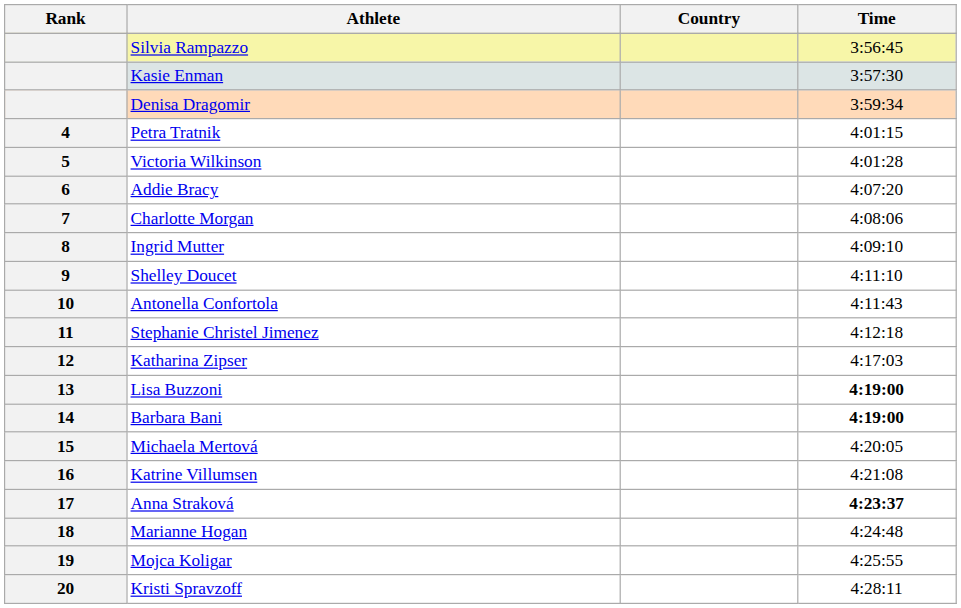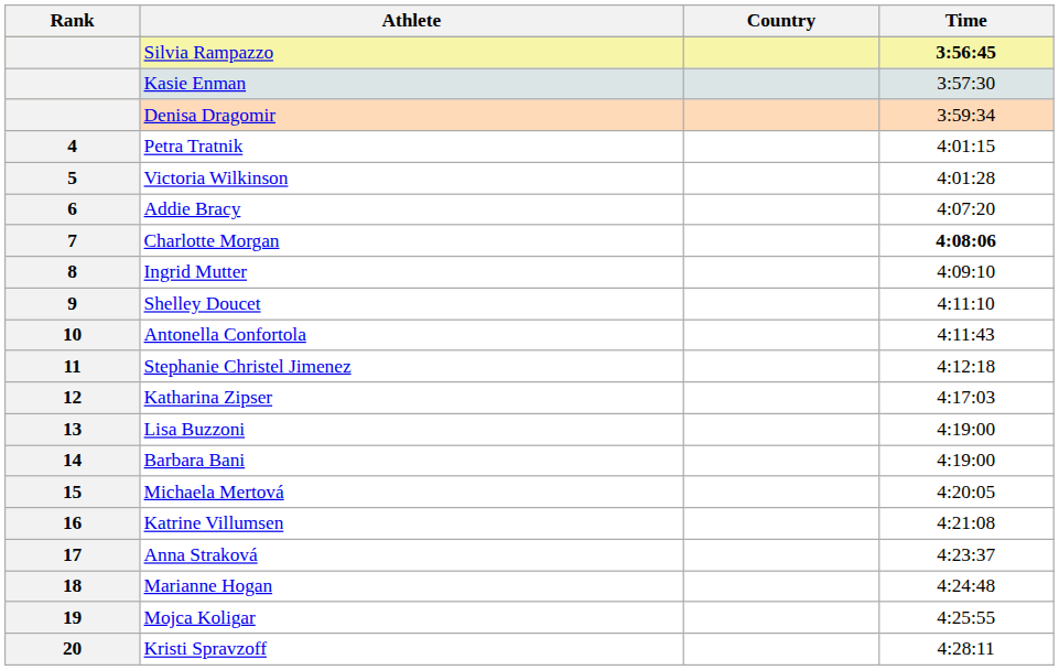 <table class="wikitable" width=40% style="font-size:90%; text-align:center;">
 <tr>
 <th>Rank</th>
 <th>Athlete</th>
 <th>Country</th>
 <th>Time</th>
 </tr>
 <tr>
 </tr>
 <tr align="center" valign="top" bgcolor="#F7F6A8">
 <th></th>
 <td align=left><a href='#'>Silvia Rampazzo</a></td>
 <td align=left></td>
-<td>3:56:45</td>
+<td><strong>3:56:45</strong></td>
 </tr>
 <tr align="center" valign="top" bgcolor="#DCE5E5">
 <th></th>
 <td align=left><a href='#'>Kasie Enman</a></td>
 <td align="left"></td>
 <td>3:57:30</td>
 </tr>
 <tr align="center" valign="top" bgcolor="#FFDAB9">
 <th></th>
 <td align=left><a href='#'>Denisa Dragomir</a></td>
 <td align=left></td>
 <td>3:59:34</td>
 </tr>
 <tr align="center" valign="top" bgcolor="#FFFFFF">
 <th>4</th>
 <td align=left><a href='#'>Petra Tratnik</a></td>
 <td align=left></td>
 <td>4:01:15</td>
 </tr>
 <tr align="center" valign="top" bgcolor="#FFFFFF">
 <th>5</th>
 <td align=left><a href='#'>Victoria Wilkinson</a></td>
 <td align=left></td>
 <td>4:01:28</td>
 </tr>
 <tr align="center" valign="top" bgcolor="#FFFFFF">
 <th>6</th>
 <td align=left><a href='#'>Addie Bracy</a></td>
 <td align=left></td>
 <td>4:07:20</td>
 </tr>
 <tr align="center" valign="top" bgcolor="#FFFFFF">
 <th>7</th>
 <td align=left><a href='#'>Charlotte Morgan</a></td>
 <td align=left></td>
-<td>4:08:06</td>
+<td><strong>4:08:06</strong></td>
 </tr>
 <tr align="center" valign="top" bgcolor="#FFFFFF">
 <th>8</th>
 <td align=left><a href='#'>Ingrid Mutter</a></td>
 <td align=left></td>
 <td>4:09:10</td>
 </tr>
 <tr align="center" valign="top" bgcolor="#FFFFFF">
 <th>9</th>
 <td align=left><a href='#'>Shelley Doucet</a></td>
 <td align=left></td>
 <td>4:11:10</td>
 </tr>
 <tr align="center" valign="top" bgcolor="#FFFFFF">
 <th>10</th>
 <td align=left><a href='#'>Antonella Confortola</a></td>
 <td align=left></td>
 <td>4:11:43</td>
 </tr>
 <tr align="center" valign="top" bgcolor="#FFFFFF">
 <th>11</th>
 <td align=left><a href='#'>Stephanie Christel Jimenez</a></td>
 <td align=left></td>
 <td>4:12:18</td>
 </tr>
 <tr align="center" valign="top" bgcolor="#FFFFFF">
 <th>12</th>
 <td align=left><a href='#'>Katharina Zipser</a></td>
 <td align=left></td>
 <td>4:17:03</td>
 </tr>
 <tr align="center" valign="top" bgcolor="#FFFFFF">
 <th>13</th>
 <td align=left><a href='#'>Lisa Buzzoni</a></td>
 <td align=left></td>
-<td><strong>4:19:00</strong></td>
+<td>4:19:00</td>
 </tr>
 <tr align="center" valign="top" bgcolor="#FFFFFF">
 <th>14</th>
 <td align=left><a href='#'>Barbara Bani</a></td>
 <td align=left></td>
-<td><strong>4:19:00</strong></td>
+<td>4:19:00</td>
 </tr>
 <tr align="center" valign="top" bgcolor="#FFFFFF">
 <th>15</th>
 <td align=left><a href='#'>Michaela Mertová</a></td>
 <td align=left></td>
 <td>4:20:05</td>
 </tr>
 <tr align="center" valign="top" bgcolor="#FFFFFF">
 <th>16</th>
 <td align=left><a href='#'>Katrine Villumsen</a></td>
 <td align=left></td>
 <td>4:21:08</td>
 </tr>
 <tr align="center" valign="top" bgcolor="#FFFFFF">
 <th>17</th>
 <td align=left><a href='#'>Anna Straková</a></td>
 <td align=left></td>
-<td><strong>4:23:37</strong></td>
+<td>4:23:37</td>
 </tr>
 <tr align="center" valign="top" bgcolor="#FFFFFF">
 <th>18</th>
 <td align=left><a href='#'>Marianne Hogan</a></td>
 <td align=left></td>
 <td>4:24:48</td>
 </tr>
 <tr align="center" valign="top" bgcolor="#FFFFFF">
 <th>19</th>
 <td align=left><a href='#'>Mojca Koligar</a></td>
 <td align=left></td>
 <td>4:25:55</td>
 </tr>
 <tr align="center" valign="top" bgcolor="#FFFFFF">
 <th>20</th>
 <td align=left><a href='#'>Kristi Spravzoff</a></td>
 <td align=left></td>
 <td>4:28:11</td>
 </tr>
 </table>
